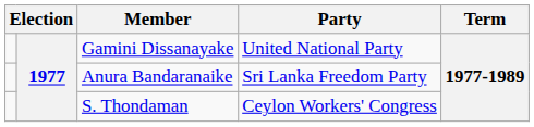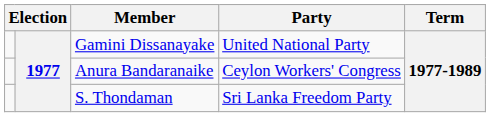 <table class="wikitable">
 <tr>
 <th colspan="2">Election</th>
 <th>Member</th>
 <th>Party</th>
 <th>Term</th>
 </tr>
 <tr>
 <td style="background-color: "></td>
 <th rowspan="3"><a href='#'>1977</a></th>
 <td><a href='#'>Gamini Dissanayake</a></td>
 <td><a href='#'>United National Party</a></td>
 <th rowspan="3">1977-1989</th>
 </tr>
 <tr>
 <td style="background-color: "></td>
 <td><a href='#'>Anura Bandaranaike</a></td>
-<td><a href='#'>Sri Lanka Freedom Party</a></td>
+<td><a href='#'>Ceylon Workers' Congress</a></td>
 </tr>
 <tr>
 <td style="background-color: "></td>
 <td><a href='#'>S. Thondaman</a></td>
-<td><a href='#'>Ceylon Workers' Congress</a></td>
+<td><a href='#'>Sri Lanka Freedom Party</a></td>
 </tr>
 </table>
